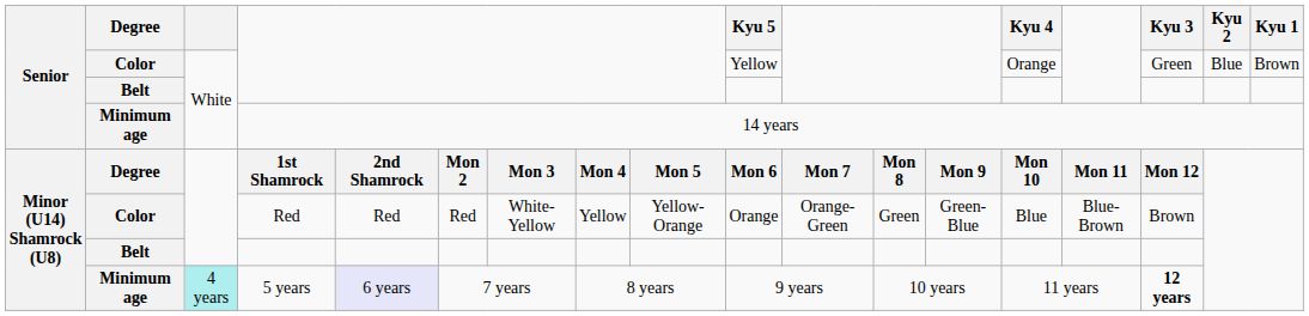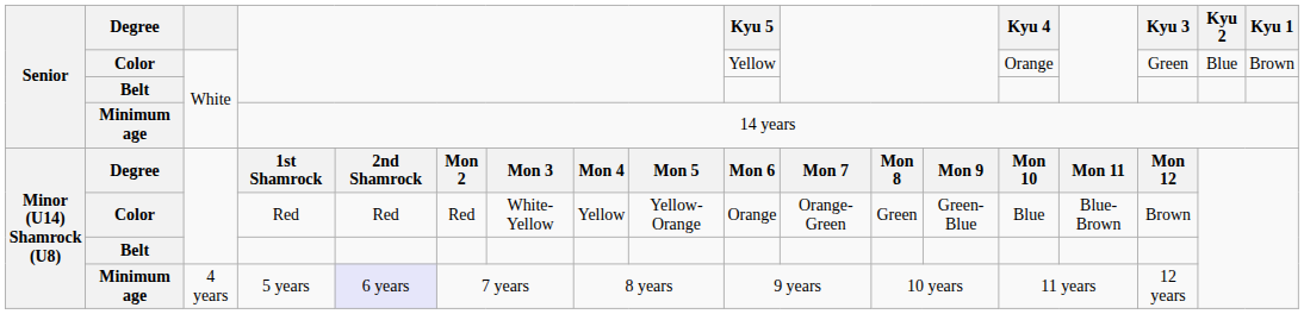 <table class="wikitable" style="text-align:center;">
 <tr>
 <th rowspan="4">Senior</th>
 <th>Degree</th>
 <th></th>
 <td colspan="6" rowspan="3"></td>
 <th>Kyu 5</th>
 <td colspan="3" rowspan="3"></td>
 <th>Kyu 4</th>
 <td rowspan="3"></td>
 <th>Kyu 3</th>
 <th>Kyu 2</th>
 <th>Kyu 1</th>
 </tr>
 <tr>
 <th>Color</th>
 <td rowspan="3">White</td>
 <td>Yellow</td>
 <td>Orange</td>
 <td>Green</td>
 <td>Blue</td>
 <td>Brown</td>
 </tr>
 <tr>
 <th>Belt</th>
 <td></td>
 <td></td>
 <td></td>
 <td></td>
 <td></td>
 </tr>
 <tr>
 <th>Minimum age</th>
 <td colspan="15">14 years</td>
 </tr>
 <tr>
 <th rowspan="4">Minor<br>(U14)<br>Shamrock<br>(U8)</th>
 <th>Degree</th>
 <td rowspan="3"></td>
 <th>1st Shamrock</th>
 <th>2nd Shamrock</th>
 <th>Mon 2</th>
 <th>Mon 3</th>
 <th>Mon 4</th>
 <th>Mon 5</th>
 <th>Mon 6</th>
 <th>Mon 7</th>
 <th>Mon 8</th>
 <th>Mon 9</th>
 <th>Mon 10</th>
 <th>Mon 11</th>
 <th>Mon 12</th>
 </tr>
 <tr>
 <th>Color</th>
 <td>Red</td>
 <td>Red</td>
 <td>Red</td>
 <td>White-Yellow</td>
 <td>Yellow</td>
 <td>Yellow-Orange</td>
 <td>Orange</td>
 <td>Orange-Green</td>
 <td>Green</td>
 <td>Green-Blue</td>
 <td>Blue</td>
 <td>Blue-Brown</td>
 <td>Brown</td>
 </tr>
 <tr>
 <th>Belt</th>
 <td></td>
 <td></td>
 <td></td>
 <td></td>
 <td></td>
 <td></td>
 <td></td>
 <td></td>
 <td></td>
 <td></td>
 <td></td>
 <td></td>
 <td></td>
 </tr>
 <tr>
 <th>Minimum age</th>
-<td style="background: paleturquoise;">4 years</td>
+<td>4 years</td>
 <td>5 years</td>
 <td style="background: lavender;">6 years</td>
 <td colspan="2">7 years</td>
 <td colspan="2">8 years</td>
 <td colspan="2">9 years</td>
 <td colspan="2">10 years</td>
 <td colspan="2">11 years</td>
-<td><strong>12 years</strong></td>
+<td>12 years</td>
 </tr>
 </table>
